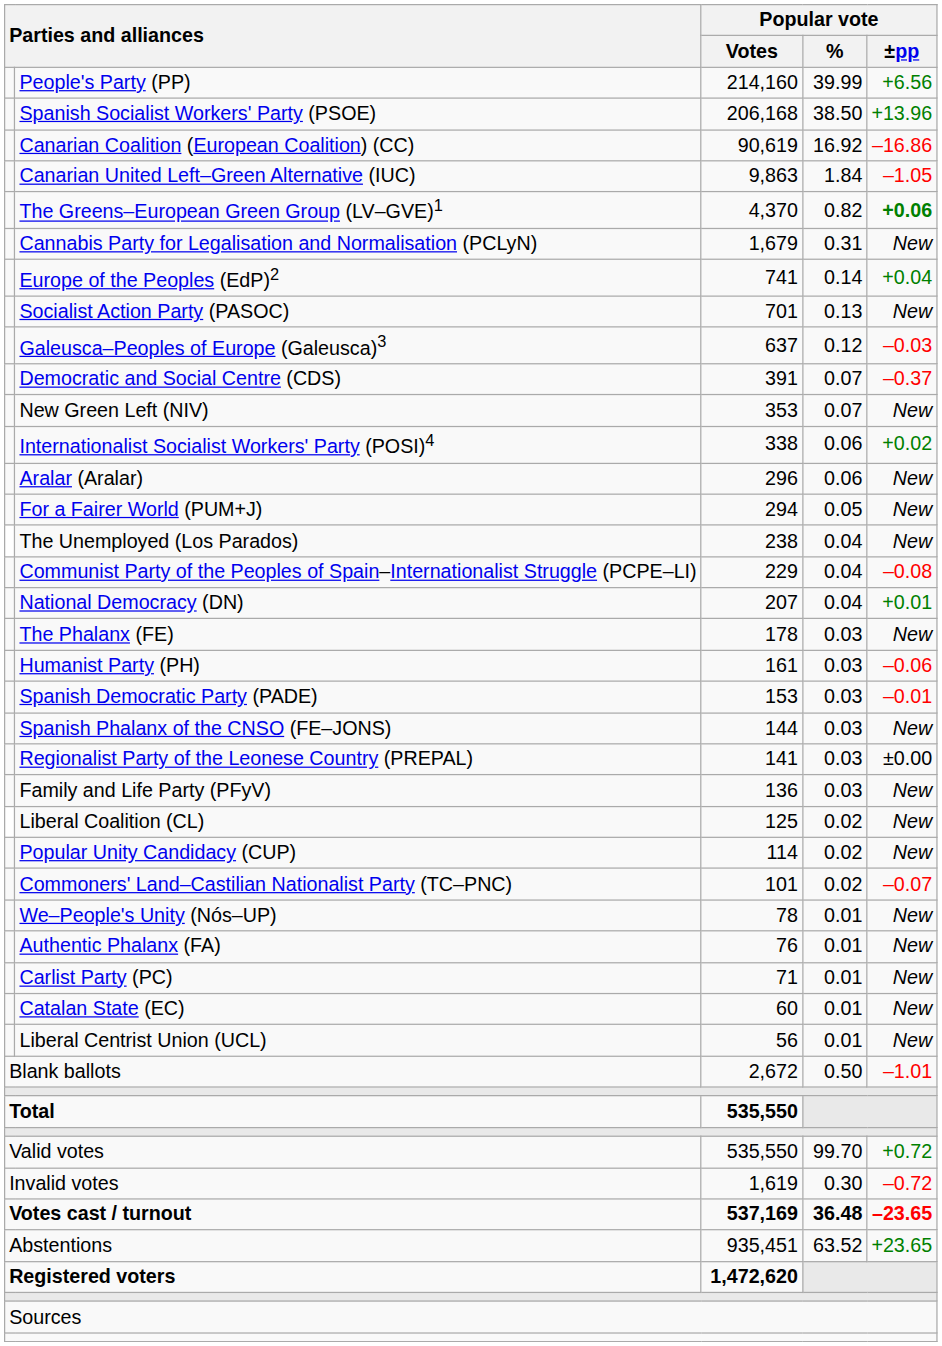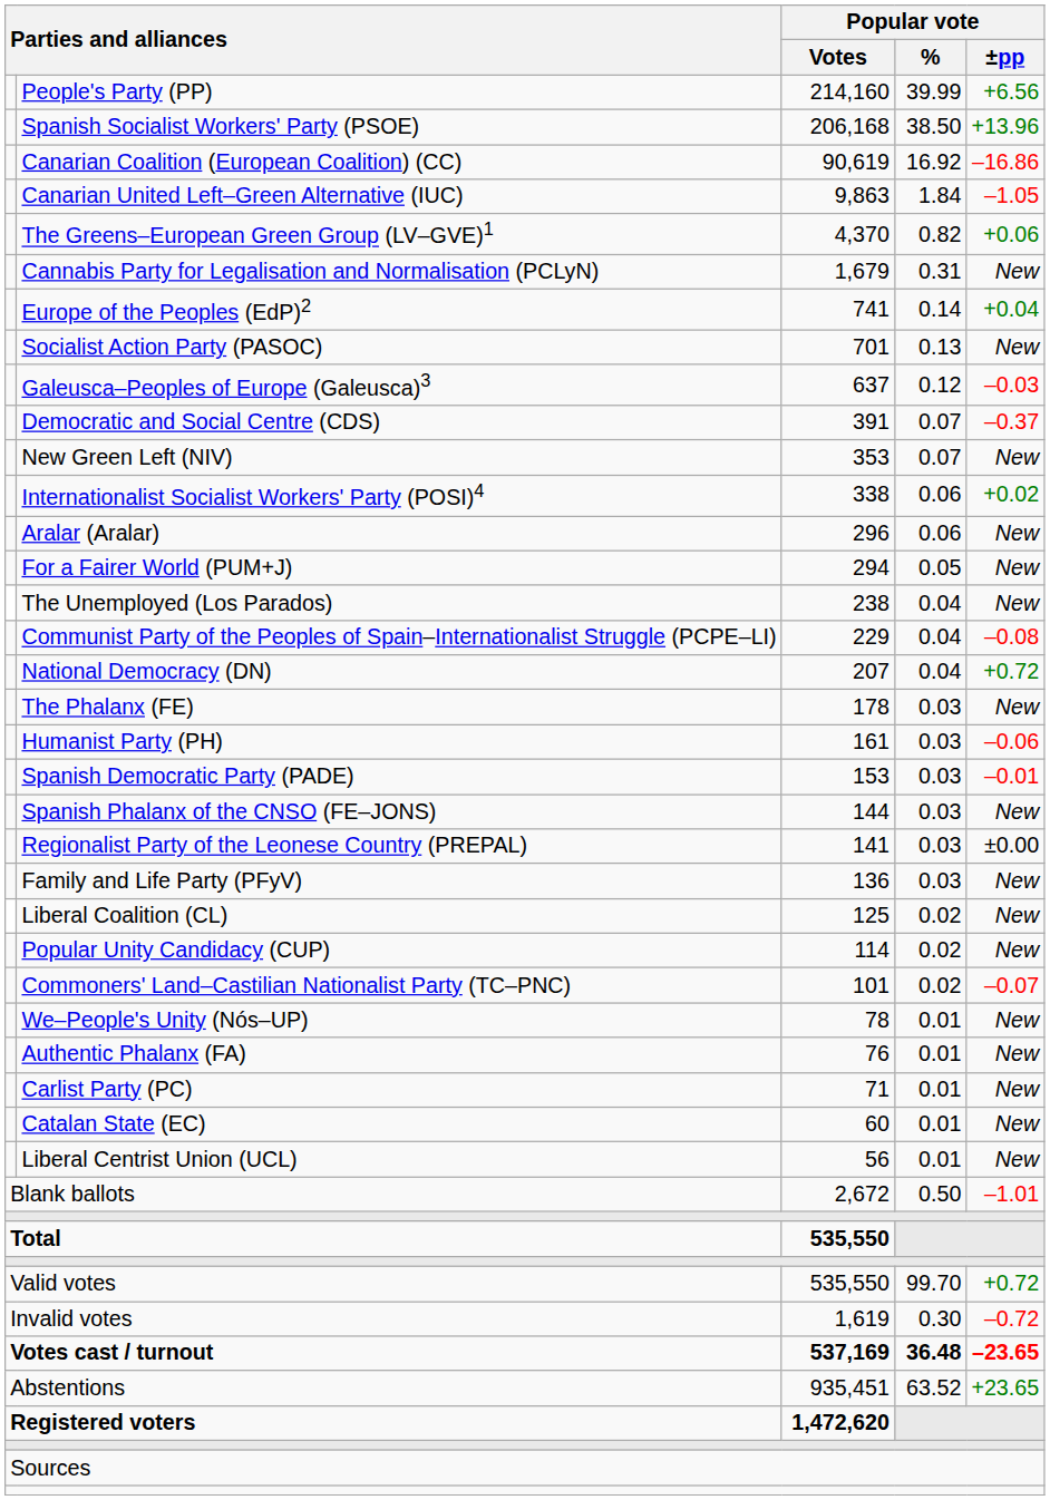 <table class="wikitable" style="text-align:right">
 <tr>
 <th style="text-align:left;" rowspan="2" colspan="2" width="525">Parties and alliances</th>
 <th colspan="3">Popular vote</th>
 </tr>
 <tr>
 <th width="75">Votes</th>
 <th width="45">%</th>
 <th width="45">±<a href='#'>pp</a></th>
 </tr>
 <tr>
 <td width="1" style="color:inherit;background:"></td>
 <td align="left"><a href='#'>People's Party</a> (PP)</td>
 <td>214,160</td>
 <td>39.99</td>
 <td style="color:green;">+6.56</td>
 </tr>
 <tr>
 <td style="color:inherit;background:"></td>
 <td align="left"><a href='#'>Spanish Socialist Workers' Party</a> (PSOE)</td>
 <td>206,168</td>
 <td>38.50</td>
 <td style="color:green;">+13.96</td>
 </tr>
 <tr>
 <td style="color:inherit;background:"></td>
 <td align="left"><a href='#'>Canarian Coalition</a> (<a href='#'>European Coalition</a>) (CC)</td>
 <td>90,619</td>
 <td>16.92</td>
 <td style="color:red;">–16.86</td>
 </tr>
 <tr>
 <td style="color:inherit;background:"></td>
 <td align="left"><a href='#'>Canarian United Left–Green Alternative</a> (IUC)</td>
 <td>9,863</td>
 <td>1.84</td>
 <td style="color:red;">–1.05</td>
 </tr>
 <tr>
 <td style="color:inherit;background:"></td>
 <td align="left"><a href='#'>The Greens–European Green Group</a> (LV–GVE)<sup>1</sup></td>
 <td>4,370</td>
 <td>0.82</td>
-<td style="color:green;"><strong>+0.06</strong></td>
+<td style="color:green;">+0.06</td>
 </tr>
 <tr>
 <td style="color:inherit;background:"></td>
 <td align="left"><a href='#'>Cannabis Party for Legalisation and Normalisation</a> (PCLyN)</td>
 <td>1,679</td>
 <td>0.31</td>
 <td><em>New</em></td>
 </tr>
 <tr>
 <td style="color:inherit;background:"></td>
 <td align="left"><a href='#'>Europe of the Peoples</a> (EdP)<sup>2</sup></td>
 <td>741</td>
 <td>0.14</td>
 <td style="color:green;">+0.04</td>
 </tr>
 <tr>
 <td style="color:inherit;background:"></td>
 <td align="left"><a href='#'>Socialist Action Party</a> (PASOC)</td>
 <td>701</td>
 <td>0.13</td>
 <td><em>New</em></td>
 </tr>
 <tr>
 <td style="color:inherit;background:"></td>
 <td align="left"><a href='#'>Galeusca–Peoples of Europe</a> (Galeusca)<sup>3</sup></td>
 <td>637</td>
 <td>0.12</td>
 <td style="color:red;">–0.03</td>
 </tr>
 <tr>
 <td style="color:inherit;background:"></td>
 <td align="left"><a href='#'>Democratic and Social Centre</a> (CDS)</td>
 <td>391</td>
 <td>0.07</td>
 <td style="color:red;">–0.37</td>
 </tr>
 <tr>
 <td style="color:inherit;background:"></td>
 <td align="left">New Green Left (NIV)</td>
 <td>353</td>
 <td>0.07</td>
 <td><em>New</em></td>
 </tr>
 <tr>
 <td style="color:inherit;background:"></td>
 <td align="left"><a href='#'>Internationalist Socialist Workers' Party</a> (POSI)<sup>4</sup></td>
 <td>338</td>
 <td>0.06</td>
 <td style="color:green;">+0.02</td>
 </tr>
 <tr>
 <td style="color:inherit;background:"></td>
 <td align="left"><a href='#'>Aralar</a> (Aralar)</td>
 <td>296</td>
 <td>0.06</td>
 <td><em>New</em></td>
 </tr>
 <tr>
 <td style="color:inherit;background:"></td>
 <td align="left"><a href='#'>For a Fairer World</a> (PUM+J)</td>
 <td>294</td>
 <td>0.05</td>
 <td><em>New</em></td>
 </tr>
 <tr>
 <td bgcolor="white"></td>
 <td align="left">The Unemployed (Los Parados)</td>
 <td>238</td>
 <td>0.04</td>
 <td><em>New</em></td>
 </tr>
 <tr>
 <td style="color:inherit;background:"></td>
 <td align="left"><a href='#'>Communist Party of the Peoples of Spain</a>–<a href='#'>Internationalist Struggle</a> (PCPE–LI)</td>
 <td>229</td>
 <td>0.04</td>
 <td style="color:red;">–0.08</td>
 </tr>
 <tr>
 <td style="color:inherit;background:"></td>
 <td align="left"><a href='#'>National Democracy</a> (DN)</td>
 <td>207</td>
 <td>0.04</td>
-<td style="color:green;">+0.01</td>
+<td style="color:green;">+0.72</td>
 </tr>
 <tr>
 <td style="color:inherit;background:"></td>
 <td align="left"><a href='#'>The Phalanx</a> (FE)</td>
 <td>178</td>
 <td>0.03</td>
 <td><em>New</em></td>
 </tr>
 <tr>
 <td style="color:inherit;background:"></td>
 <td align="left"><a href='#'>Humanist Party</a> (PH)</td>
 <td>161</td>
 <td>0.03</td>
 <td style="color:red;">–0.06</td>
 </tr>
 <tr>
 <td style="color:inherit;background:"></td>
 <td align="left"><a href='#'>Spanish Democratic Party</a> (PADE)</td>
 <td>153</td>
 <td>0.03</td>
 <td style="color:red;">–0.01</td>
 </tr>
 <tr>
 <td style="color:inherit;background:"></td>
 <td align="left"><a href='#'>Spanish Phalanx of the CNSO</a> (FE–JONS)</td>
 <td>144</td>
 <td>0.03</td>
 <td><em>New</em></td>
 </tr>
 <tr>
 <td style="color:inherit;background:"></td>
 <td align="left"><a href='#'>Regionalist Party of the Leonese Country</a> (PREPAL)</td>
 <td>141</td>
 <td>0.03</td>
 <td>±0.00</td>
 </tr>
 <tr>
 <td style="color:inherit;background:"></td>
 <td align="left">Family and Life Party (PFyV)</td>
 <td>136</td>
 <td>0.03</td>
 <td><em>New</em></td>
 </tr>
 <tr>
 <td bgcolor="white"></td>
 <td align="left">Liberal Coalition (CL)</td>
 <td>125</td>
 <td>0.02</td>
 <td><em>New</em></td>
 </tr>
 <tr>
 <td style="color:inherit;background:"></td>
 <td align="left"><a href='#'>Popular Unity Candidacy</a> (CUP)</td>
 <td>114</td>
 <td>0.02</td>
 <td><em>New</em></td>
 </tr>
 <tr>
 <td style="color:inherit;background:"></td>
 <td align="left"><a href='#'>Commoners' Land–Castilian Nationalist Party</a> (TC–PNC)</td>
 <td>101</td>
 <td>0.02</td>
 <td style="color:red;">–0.07</td>
 </tr>
 <tr>
 <td style="color:inherit;background:"></td>
 <td align="left"><a href='#'>We–People's Unity</a> (Nós–UP)</td>
 <td>78</td>
 <td>0.01</td>
 <td><em>New</em></td>
 </tr>
 <tr>
 <td style="color:inherit;background:"></td>
 <td align="left"><a href='#'>Authentic Phalanx</a> (FA)</td>
 <td>76</td>
 <td>0.01</td>
 <td><em>New</em></td>
 </tr>
 <tr>
 <td style="color:inherit;background:"></td>
 <td align="left"><a href='#'>Carlist Party</a> (PC)</td>
 <td>71</td>
 <td>0.01</td>
 <td><em>New</em></td>
 </tr>
 <tr>
 <td style="color:inherit;background:"></td>
 <td align="left"><a href='#'>Catalan State</a> (EC)</td>
 <td>60</td>
 <td>0.01</td>
 <td><em>New</em></td>
 </tr>
 <tr>
 <td style="color:inherit;background:"></td>
 <td align="left">Liberal Centrist Union (UCL)</td>
 <td>56</td>
 <td>0.01</td>
 <td><em>New</em></td>
 </tr>
 <tr>
 <td align="left" colspan="2">Blank ballots</td>
 <td>2,672</td>
 <td>0.50</td>
 <td style="color:red;">–1.01</td>
 </tr>
 <tr>
 <td colspan="5" bgcolor="#E9E9E9"></td>
 </tr>
 <tr style="font-weight:bold;">
 <td align="left" colspan="2">Total</td>
 <td>535,550</td>
 <td bgcolor="#E9E9E9" colspan="2"></td>
 </tr>
 <tr>
 <td colspan="5" bgcolor="#E9E9E9"></td>
 </tr>
 <tr>
 <td align="left" colspan="2">Valid votes</td>
 <td>535,550</td>
 <td>99.70</td>
 <td style="color:green;">+0.72</td>
 </tr>
 <tr>
 <td align="left" colspan="2">Invalid votes</td>
 <td>1,619</td>
 <td>0.30</td>
 <td style="color:red;">–0.72</td>
 </tr>
 <tr style="font-weight:bold;">
 <td align="left" colspan="2">Votes cast / turnout</td>
 <td>537,169</td>
 <td>36.48</td>
 <td style="color:red;">–23.65</td>
 </tr>
 <tr>
 <td align="left" colspan="2">Abstentions</td>
 <td>935,451</td>
 <td>63.52</td>
 <td style="color:green;">+23.65</td>
 </tr>
 <tr style="font-weight:bold;">
 <td align="left" colspan="2">Registered voters</td>
 <td>1,472,620</td>
 <td bgcolor="#E9E9E9" colspan="2"></td>
 </tr>
 <tr>
 <td colspan="5" bgcolor="#E9E9E9"></td>
 </tr>
 <tr>
 <td align="left" colspan="5">Sources</td>
 </tr>
 <tr>
 <td colspan="5" style="text-align:left; max-width:680px;"></td>
 </tr>
 </table>
